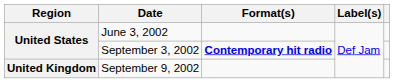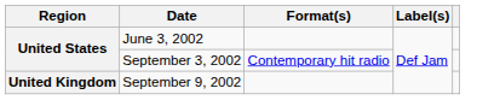 <table class="wikitable plainrowheaders">
 <tr>
 <th scope="col">Region</th>
 <th scope="col">Date</th>
 <th scope="col">Format(s)</th>
 <th scope="col">Label(s)</th>
 <th scope="col"></th>
 </tr>
 <tr>
 <th scope="row" rowspan="2">United States</th>
 <td>June 3, 2002</td>
 <td></td>
 <td rowspan="3"><a href='#'>Def Jam</a></td>
 <td></td>
 </tr>
 <tr>
 <td>September 3, 2002</td>
-<td><strong><a href='#'>Contemporary hit radio</a></strong></td>
+<td><a href='#'>Contemporary hit radio</a></td>
 <td></td>
 </tr>
 <tr>
 <th scope="row">United Kingdom</th>
 <td>September 9, 2002</td>
 <td></td>
 <td></td>
 </tr>
 </table>
